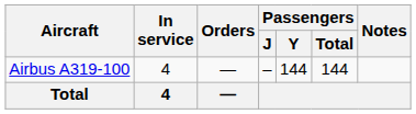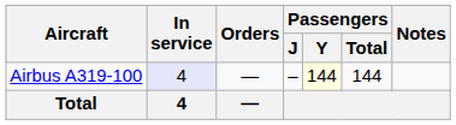 <table class="wikitable" style="text-align:center; margin:0.5em auto">
 <tr>
 <th rowspan=2>Aircraft</th>
 <th rowspan=2>In <br> service</th>
 <th rowspan=2>Orders</th>
 <th colspan=3>Passengers</th>
 <th rowspan=2>Notes</th>
 </tr>
 <tr>
 <th><abbr>J</abbr></th>
 <th><abbr>Y</abbr></th>
 <th>Total</th>
 </tr>
 <tr>
 <td><a href='#'>Airbus A319-100</a></td>
-<td>4</td>
+<td style="background: lavender;">4</td>
 <td>—</td>
 <td>–</td>
-<td>144</td>
+<td style="background: lightyellow;">144</td>
 <td>144</td>
 <td></td>
 </tr>
 <tr>
 <th>Total</th>
 <th>4</th>
 <th>—</th>
 <th colspan=4></th>
 </tr>
 </table>
